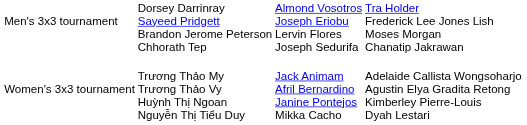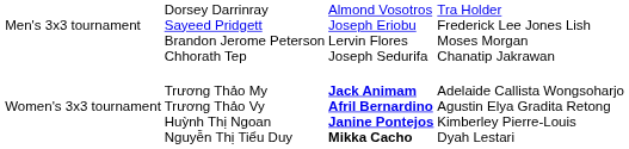 <table>
 <tr valign="center">
 <td>Men's 3x3 tournament<br></td>
 <td nowrap=true><br>Dorsey Darrinray<br><a href='#'>Sayeed Pridgett</a><br>Brandon Jerome Peterson<br>Chhorath Tep</td>
 <td nowrap=true><br><a href='#'>Almond Vosotros</a><br><a href='#'>Joseph Eriobu</a><br>Lervin Flores<br>Joseph Sedurifa</td>
 <td nowrap=true><br><a href='#'>Tra Holder</a><br>Frederick Lee Jones Lish<br>Moses Morgan<br>Chanatip Jakrawan</td>
 </tr>
 <tr valign="center">
 <td>Women's 3x3 tournament<br></td>
 <td nowrap=true><br>Trương Thảo My<br>Trương Thảo Vy<br>Huỳnh Thị Ngoan<br>Nguyễn Thị Tiểu Duy</td>
-<td nowrap=true><br><a href='#'>Jack Animam</a><br><a href='#'>Afril Bernardino</a><br><a href='#'>Janine Pontejos</a><br>Mikka Cacho</td>
+<td nowrap=true><strong><br><a href='#'>Jack Animam</a><br><a href='#'>Afril Bernardino</a><br><a href='#'>Janine Pontejos</a><br>Mikka Cacho</strong></td>
 <td nowrap=true><br>Adelaide Callista Wongsoharjo<br>Agustin Elya Gradita Retong<br>Kimberley Pierre-Louis<br>Dyah Lestari</td>
 </tr>
 </table>
